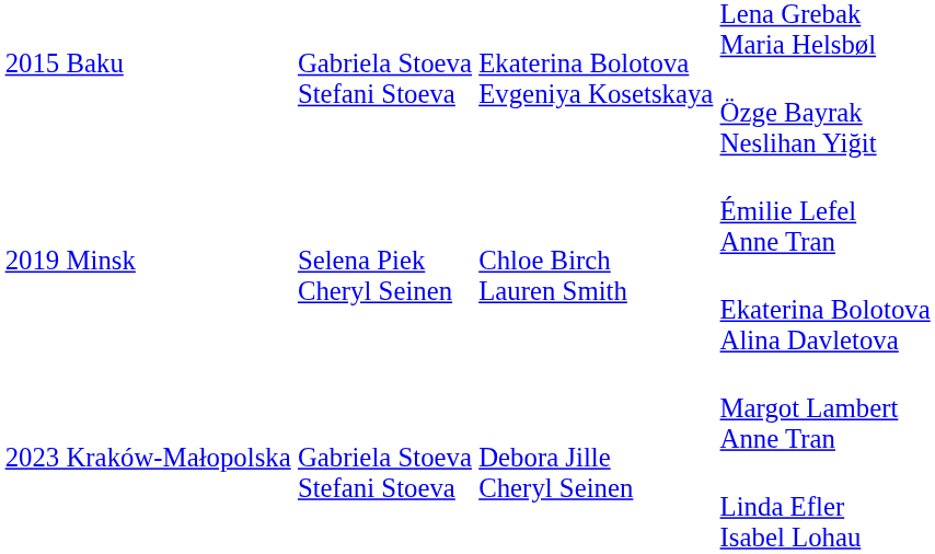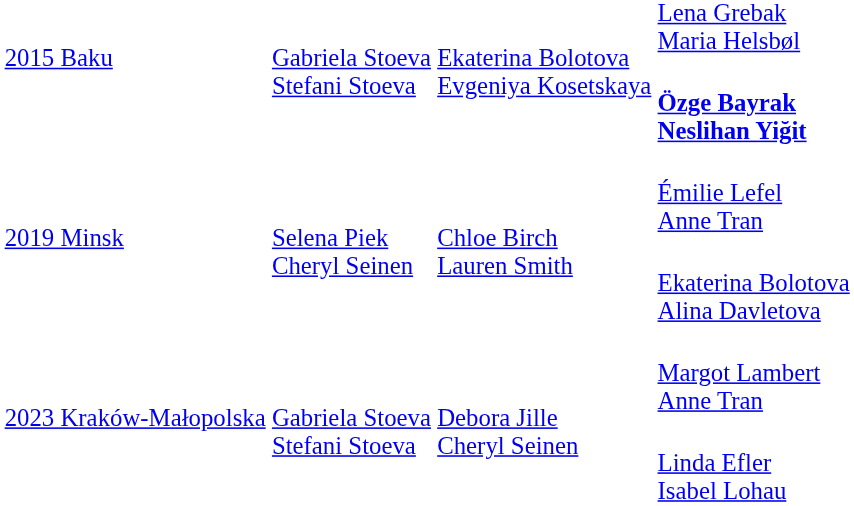 <table>
 <tr valign="center">
 <td rowspan=2><a href='#'>2015 Baku</a><br></td>
 <td rowspan=2><br><a href='#'>Gabriela Stoeva</a><br><a href='#'>Stefani Stoeva</a></td>
 <td rowspan=2><br><a href='#'>Ekaterina Bolotova</a><br><a href='#'>Evgeniya Kosetskaya</a></td>
 <td><br><a href='#'>Lena Grebak</a><br><a href='#'>Maria Helsbøl</a></td>
 </tr>
 <tr>
-<td><br><a href='#'>Özge Bayrak</a><br><a href='#'>Neslihan Yiğit</a></td>
+<td><strong><br><a href='#'>Özge Bayrak</a><br><a href='#'>Neslihan Yiğit</a></strong></td>
 </tr>
 <tr valign="center">
 <td rowspan="2"><a href='#'>2019 Minsk</a><br></td>
 <td rowspan="2"><br><a href='#'>Selena Piek</a><br><a href='#'>Cheryl Seinen</a></td>
 <td rowspan="2"><br><a href='#'>Chloe Birch</a><br><a href='#'>Lauren Smith</a></td>
 <td><br><a href='#'>Émilie Lefel</a><br><a href='#'>Anne Tran</a></td>
 </tr>
 <tr>
 <td><br><a href='#'>Ekaterina Bolotova</a><br><a href='#'>Alina Davletova</a></td>
 </tr>
 <tr valign="center">
 <td rowspan="2"><a href='#'>2023 Kraków-Małopolska</a><br></td>
 <td rowspan="2"><br><a href='#'>Gabriela Stoeva</a><br><a href='#'>Stefani Stoeva</a></td>
 <td rowspan="2"><br><a href='#'>Debora Jille</a><br><a href='#'>Cheryl Seinen</a></td>
 <td><br><a href='#'>Margot Lambert</a><br><a href='#'>Anne Tran</a></td>
 </tr>
 <tr>
 <td><br><a href='#'>Linda Efler</a><br><a href='#'>Isabel Lohau</a></td>
 </tr>
 </table>
